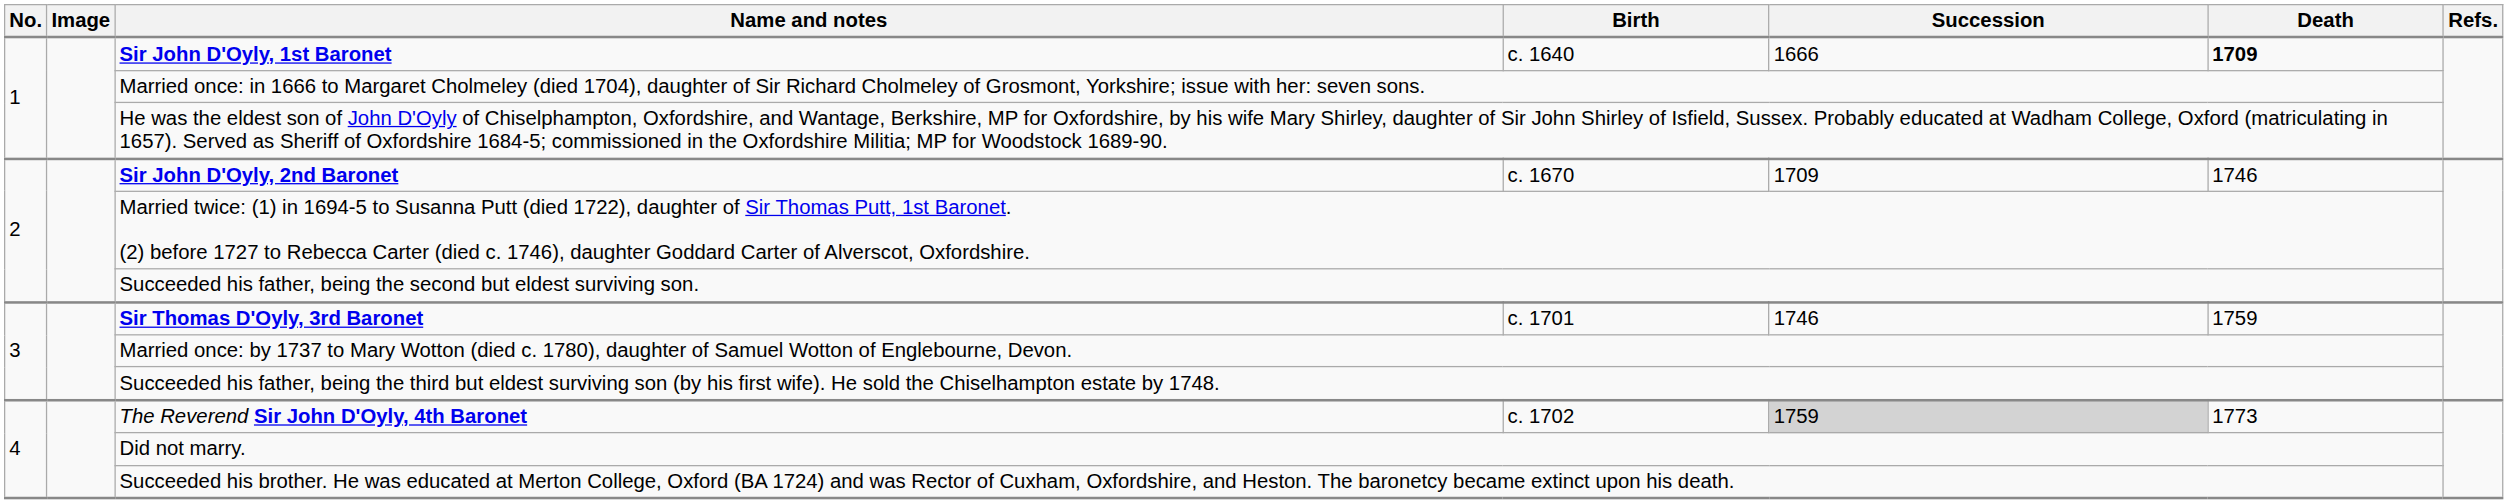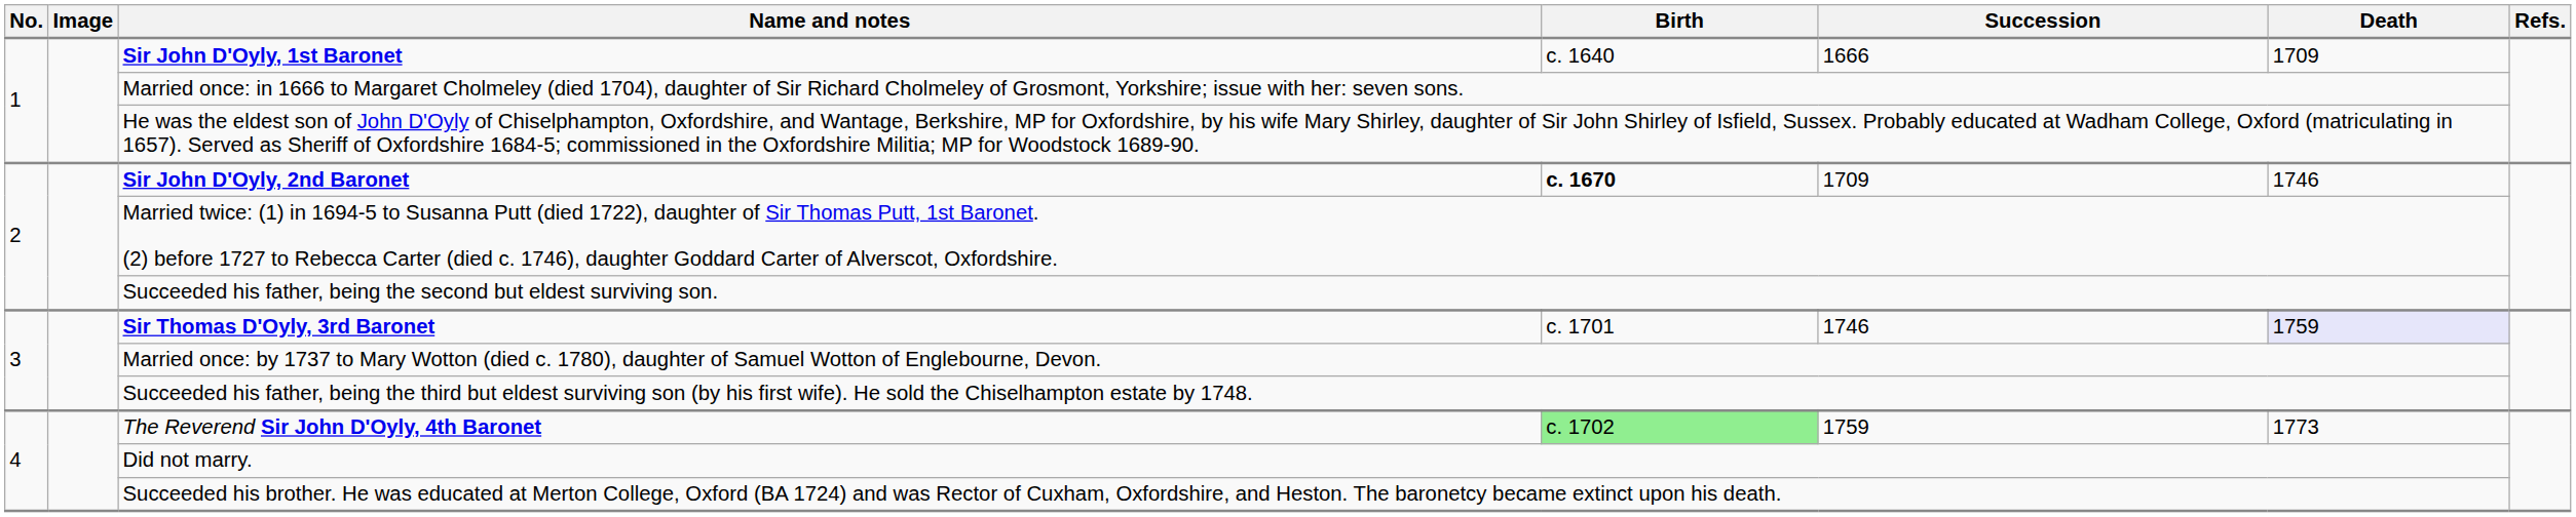 <table class="wikitable" >
 <tr>
 <th style="border-bottom: 2px solid #888">No.</th>
 <th style="border-bottom: 2px solid #888">Image</th>
 <th style="border-bottom: 2px solid #888">Name and notes</th>
 <th style="border-bottom: 2px solid #888">Birth</th>
 <th style="border-bottom: 2px solid #888">Succession</th>
 <th style="border-bottom: 2px solid #888">Death</th>
 <th style="border-bottom: 2px solid #888">Refs.</th>
 </tr>
 <tr>
 <td rowspan="3" style="border-bottom: 2px solid #888">1</td>
 <td rowspan="3" style="border-bottom: 2px solid #888"></td>
 <td><strong><a href='#'>Sir John D'Oyly, 1st Baronet</a></strong></td>
 <td>c. 1640</td>
 <td>1666</td>
-<td><strong>1709</strong></td>
+<td>1709</td>
 <td rowspan="3" style="border-bottom: 2px solid #888"></td>
 </tr>
 <tr>
 <td colspan="4">Married once: in 1666 to Margaret Cholmeley (died 1704), daughter of Sir Richard Cholmeley of Grosmont, Yorkshire; issue with her: seven sons.</td>
 </tr>
 <tr>
 <td colspan="4" style="border-bottom: 2px solid #888">He was the eldest son of <a href='#'>John D'Oyly</a> of Chiselphampton, Oxfordshire, and Wantage, Berkshire, MP for Oxfordshire, by his wife Mary Shirley, daughter of Sir John Shirley of Isfield, Sussex. Probably educated at Wadham College, Oxford (matriculating in 1657). Served as Sheriff of Oxfordshire 1684-5; commissioned in the Oxfordshire Militia; MP for Woodstock 1689-90.</td>
 </tr>
 <tr>
 <td rowspan="3" style="border-bottom: 2px solid #888">2</td>
 <td rowspan="3" style="border-bottom: 2px solid #888"></td>
 <td><strong><a href='#'>Sir John D'Oyly, 2nd Baronet</a></strong></td>
-<td>c. 1670</td>
+<td><strong>c. 1670</strong></td>
 <td>1709</td>
 <td>1746</td>
 <td rowspan="3" style="border-bottom: 2px solid #888"></td>
 </tr>
 <tr>
 <td colspan="4">Married twice: (1) in 1694-5 to Susanna Putt (died 1722), daughter of <a href='#'>Sir Thomas Putt, 1st Baronet</a>.<br><br>(2) before 1727 to Rebecca Carter (died c. 1746), daughter Goddard Carter of Alverscot, Oxfordshire.</td>
 </tr>
 <tr>
 <td colspan="4" style="border-bottom: 2px solid #888">Succeeded his father, being the second but eldest surviving son.</td>
 </tr>
 <tr>
 <td rowspan="3" style="border-bottom: 2px solid #888">3</td>
 <td rowspan="3" style="border-bottom: 2px solid #888"></td>
 <td><strong><a href='#'>Sir Thomas D'Oyly, 3rd Baronet</a></strong></td>
 <td>c. 1701</td>
 <td>1746</td>
-<td>1759</td>
+<td style="background: lavender;">1759</td>
 <td rowspan="3" style="border-bottom: 2px solid #888"></td>
 </tr>
 <tr>
 <td colspan="4">Married once: by 1737 to Mary Wotton (died c. 1780), daughter of Samuel Wotton of Englebourne, Devon.</td>
 </tr>
 <tr>
 <td colspan="4" style="border-bottom: 2px solid #888">Succeeded his father, being the third but eldest surviving son (by his first wife). He sold the Chiselhampton estate by 1748.</td>
 </tr>
 <tr>
 <td rowspan="3" style="border-bottom: 2px solid #888">4</td>
 <td rowspan="3" style="border-bottom: 2px solid #888"></td>
 <td><em>The Reverend</em> <strong><a href='#'>Sir John D'Oyly, 4th Baronet</a></strong></td>
-<td>c. 1702</td>
-<td style="background: lightgrey;">1759</td>
+<td style="background: lightgreen;">c. 1702</td>
+<td>1759</td>
 <td>1773</td>
 <td rowspan="3" style="border-bottom: 2px solid #888"></td>
 </tr>
 <tr>
 <td colspan="4">Did not marry.</td>
 </tr>
 <tr>
 <td colspan="4" style="border-bottom: 2px solid #888">Succeeded his brother. He was educated at Merton College, Oxford (BA 1724) and was Rector of Cuxham, Oxfordshire, and Heston. The baronetcy became extinct upon his death.</td>
 </tr>
 </table>
